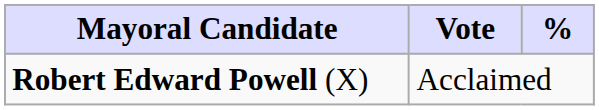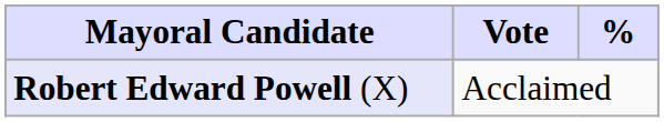 <table class="wikitable">
 <tr>
 <th style="background:#ddf; width:200px;">Mayoral Candidate</th>
 <th style="background:#ddf; width:50px;">Vote</th>
 <th style="background:#ddf; width:30px;">%</th>
 </tr>
 <tr>
-<td><strong>Robert Edward Powell</strong> (X)</td>
+<td style="background: lavender;"><strong>Robert Edward Powell</strong> (X)</td>
 <td colspan="2">Acclaimed</td>
 </tr>
 </table>
